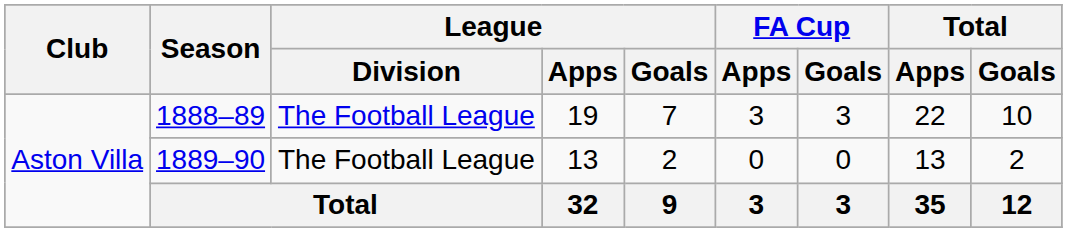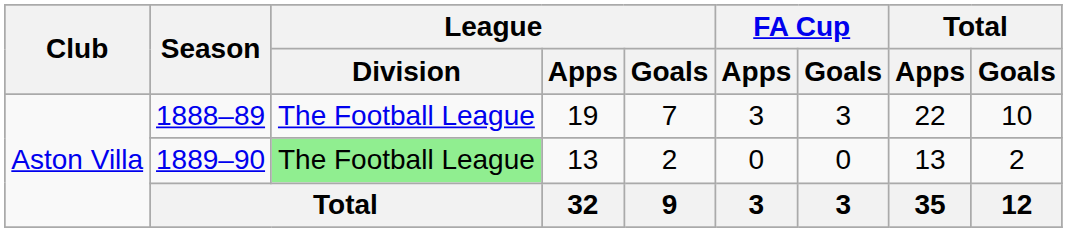 <table class="wikitable" style="text-align:center">
 <tr>
 <th rowspan="2">Club</th>
 <th rowspan="2">Season</th>
 <th colspan="3">League</th>
 <th colspan="2"><a href='#'>FA Cup</a></th>
 <th colspan="2">Total</th>
 </tr>
 <tr>
 <th>Division</th>
 <th>Apps</th>
 <th>Goals</th>
 <th>Apps</th>
 <th>Goals</th>
 <th>Apps</th>
 <th>Goals</th>
 </tr>
 <tr>
 <td rowspan="3"><a href='#'>Aston Villa</a></td>
 <td><a href='#'>1888–89</a></td>
 <td><a href='#'>The Football League</a></td>
 <td>19</td>
 <td>7</td>
 <td>3</td>
 <td>3</td>
 <td>22</td>
 <td>10</td>
 </tr>
 <tr>
 <td><a href='#'>1889–90</a></td>
-<td>The Football League</td>
+<td style="background: lightgreen;">The Football League</td>
 <td>13</td>
 <td>2</td>
 <td>0</td>
 <td>0</td>
 <td>13</td>
 <td>2</td>
 </tr>
 <tr>
 <th colspan="2">Total</th>
 <th>32</th>
 <th>9</th>
 <th>3</th>
 <th>3</th>
 <th>35</th>
 <th>12</th>
 </tr>
 </table>
